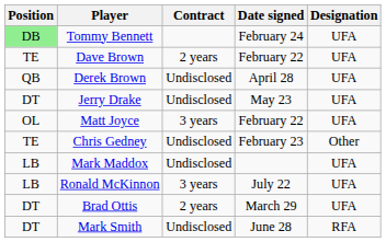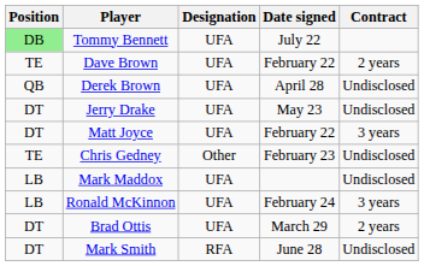 <table class="wikitable" style="text-align:center">
 <tr>
 <th>Position</th>
 <th>Player</th>
+<th>Designation</th>
+<th>Date signed</th>
 <th>Contract</th>
-<th>Date signed</th>
-<th>Designation</th>
 </tr>
 <tr>
 <td style="background: lightgreen;">DB</td>
 <td><a href='#'>Tommy Bennett</a></td>
+<td>UFA</td>
+<td>July 22</td>
 <td></td>
-<td>February 24</td>
-<td>UFA</td>
 </tr>
 <tr>
 <td>TE</td>
 <td><a href='#'>Dave Brown</a></td>
+<td>UFA</td>
+<td>February 22</td>
 <td>2 years</td>
-<td>February 22</td>
-<td>UFA</td>
 </tr>
 <tr>
 <td>QB</td>
 <td><a href='#'>Derek Brown</a></td>
+<td>UFA</td>
+<td>April 28</td>
 <td>Undisclosed</td>
-<td>April 28</td>
-<td>UFA</td>
 </tr>
 <tr>
 <td>DT</td>
 <td><a href='#'>Jerry Drake</a></td>
+<td>UFA</td>
+<td>May 23</td>
 <td>Undisclosed</td>
-<td>May 23</td>
-<td>UFA</td>
 </tr>
 <tr>
-<td>OL</td>
+<td>DT</td>
 <td><a href='#'>Matt Joyce</a></td>
+<td>UFA</td>
+<td>February 22</td>
 <td>3 years</td>
-<td>February 22</td>
-<td>UFA</td>
 </tr>
 <tr>
 <td>TE</td>
 <td><a href='#'>Chris Gedney</a></td>
+<td>Other</td>
+<td>February 23</td>
 <td>Undisclosed</td>
-<td>February 23</td>
-<td>Other</td>
 </tr>
 <tr>
 <td>LB</td>
 <td><a href='#'>Mark Maddox</a></td>
+<td>UFA</td>
+<td></td>
 <td>Undisclosed</td>
-<td></td>
-<td>UFA</td>
 </tr>
 <tr>
 <td>LB</td>
 <td><a href='#'>Ronald McKinnon</a></td>
+<td>UFA</td>
+<td>February 24</td>
 <td>3 years</td>
-<td>July 22</td>
-<td>UFA</td>
 </tr>
 <tr>
 <td>DT</td>
 <td><a href='#'>Brad Ottis</a></td>
+<td>UFA</td>
+<td>March 29</td>
 <td>2 years</td>
-<td>March 29</td>
-<td>UFA</td>
 </tr>
 <tr>
 <td>DT</td>
 <td><a href='#'>Mark Smith</a></td>
+<td>RFA</td>
+<td>June 28</td>
 <td>Undisclosed</td>
-<td>June 28</td>
-<td>RFA</td>
 </tr>
 </table>
